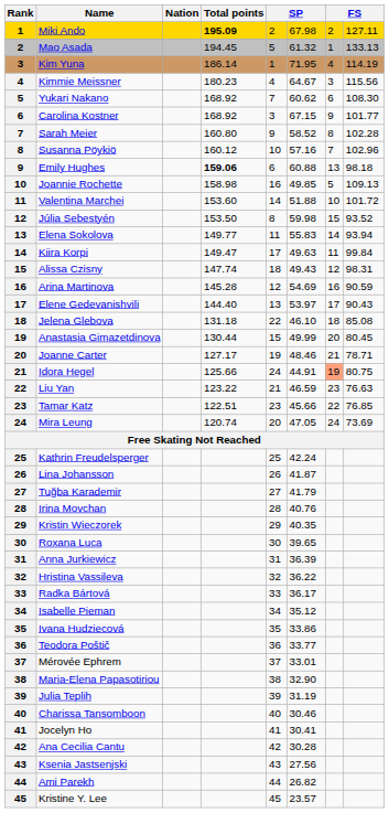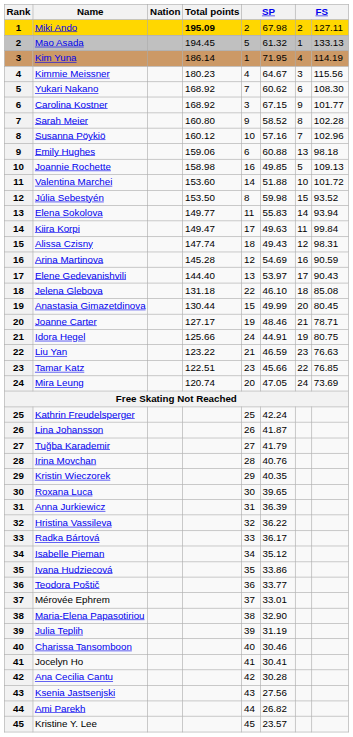 <table class="wikitable">
 <tr>
 <th>Rank</th>
 <th>Name</th>
 <th>Nation</th>
 <th>Total points</th>
 <th colspan="2" width="80px"><a href='#'>SP</a></th>
 <th colspan="2" width="80px"><a href='#'>FS</a></th>
 </tr>
 <tr bgcolor=gold>
 <td align=center><strong>1</strong></td>
 <td><a href='#'>Miki Ando</a></td>
 <td></td>
 <td><strong>195.09</strong></td>
 <td>2</td>
 <td>67.98</td>
 <td>2</td>
 <td>127.11</td>
 </tr>
 <tr bgcolor=silver>
 <td align=center><strong>2</strong></td>
 <td><a href='#'>Mao Asada</a></td>
 <td></td>
 <td>194.45</td>
 <td>5</td>
 <td>61.32</td>
 <td>1</td>
 <td>133.13</td>
 </tr>
 <tr bgcolor=cc9966>
 <td align=center><strong>3</strong></td>
 <td><a href='#'>Kim Yuna</a></td>
 <td></td>
 <td>186.14</td>
 <td>1</td>
 <td>71.95</td>
 <td>4</td>
 <td>114.19</td>
 </tr>
 <tr>
 <th>4</th>
 <td><a href='#'>Kimmie Meissner</a></td>
 <td></td>
 <td>180.23</td>
 <td>4</td>
 <td>64.67</td>
 <td>3</td>
 <td>115.56</td>
 </tr>
 <tr>
 <th>5</th>
 <td><a href='#'>Yukari Nakano</a></td>
 <td></td>
 <td>168.92</td>
 <td>7</td>
 <td>60.62</td>
 <td>6</td>
 <td>108.30</td>
 </tr>
 <tr>
 <th>6</th>
 <td><a href='#'>Carolina Kostner</a></td>
 <td></td>
 <td>168.92</td>
 <td>3</td>
 <td>67.15</td>
 <td>9</td>
 <td>101.77</td>
 </tr>
 <tr>
 <th>7</th>
 <td><a href='#'>Sarah Meier</a></td>
 <td></td>
 <td>160.80</td>
 <td>9</td>
 <td>58.52</td>
 <td>8</td>
 <td>102.28</td>
 </tr>
 <tr>
 <th>8</th>
 <td><a href='#'>Susanna Pöykiö</a></td>
 <td></td>
 <td>160.12</td>
 <td>10</td>
 <td>57.16</td>
 <td>7</td>
 <td>102.96</td>
 </tr>
 <tr>
 <th>9</th>
 <td><a href='#'>Emily Hughes</a></td>
 <td></td>
-<td><strong>159.06</strong></td>
+<td>159.06</td>
 <td>6</td>
 <td>60.88</td>
 <td>13</td>
 <td>98.18</td>
 </tr>
 <tr>
 <th>10</th>
 <td><a href='#'>Joannie Rochette</a></td>
 <td></td>
 <td>158.98</td>
 <td>16</td>
 <td>49.85</td>
 <td>5</td>
 <td>109.13</td>
 </tr>
 <tr>
 <th>11</th>
 <td><a href='#'>Valentina Marchei</a></td>
 <td></td>
 <td>153.60</td>
 <td>14</td>
 <td>51.88</td>
 <td>10</td>
 <td>101.72</td>
 </tr>
 <tr>
 <th>12</th>
 <td><a href='#'>Júlia Sebestyén</a></td>
 <td></td>
 <td>153.50</td>
 <td>8</td>
 <td>59.98</td>
 <td>15</td>
 <td>93.52</td>
 </tr>
 <tr>
 <th>13</th>
 <td><a href='#'>Elena Sokolova</a></td>
 <td></td>
 <td>149.77</td>
 <td>11</td>
 <td>55.83</td>
 <td>14</td>
 <td>93.94</td>
 </tr>
 <tr>
 <th>14</th>
 <td><a href='#'>Kiira Korpi</a></td>
 <td></td>
 <td>149.47</td>
 <td>17</td>
 <td>49.63</td>
 <td>11</td>
 <td>99.84</td>
 </tr>
 <tr>
 <th>15</th>
 <td><a href='#'>Alissa Czisny</a></td>
 <td></td>
 <td>147.74</td>
 <td>18</td>
 <td>49.43</td>
 <td>12</td>
 <td>98.31</td>
 </tr>
 <tr>
 <th>16</th>
 <td><a href='#'>Arina Martinova</a></td>
 <td></td>
 <td>145.28</td>
 <td>12</td>
 <td>54.69</td>
 <td>16</td>
 <td>90.59</td>
 </tr>
 <tr>
 <th>17</th>
 <td><a href='#'>Elene Gedevanishvili</a></td>
 <td></td>
 <td>144.40</td>
 <td>13</td>
 <td>53.97</td>
 <td>17</td>
 <td>90.43</td>
 </tr>
 <tr>
 <th>18</th>
 <td><a href='#'>Jelena Glebova</a></td>
 <td></td>
 <td>131.18</td>
 <td>22</td>
 <td>46.10</td>
 <td>18</td>
 <td>85.08</td>
 </tr>
 <tr>
 <th>19</th>
 <td><a href='#'>Anastasia Gimazetdinova</a></td>
 <td></td>
 <td>130.44</td>
 <td>15</td>
 <td>49.99</td>
 <td>20</td>
 <td>80.45</td>
 </tr>
 <tr>
 <th>20</th>
 <td><a href='#'>Joanne Carter</a></td>
 <td></td>
 <td>127.17</td>
 <td>19</td>
 <td>48.46</td>
 <td>21</td>
 <td>78.71</td>
 </tr>
 <tr>
 <th>21</th>
 <td><a href='#'>Idora Hegel</a></td>
 <td></td>
 <td>125.66</td>
 <td>24</td>
 <td>44.91</td>
-<td style="background: lightsalmon;">19</td>
+<td>19</td>
 <td>80.75</td>
 </tr>
 <tr>
 <th>22</th>
 <td><a href='#'>Liu Yan</a></td>
 <td></td>
 <td>123.22</td>
 <td>21</td>
 <td>46.59</td>
 <td>23</td>
 <td>76.63</td>
 </tr>
 <tr>
 <th>23</th>
 <td><a href='#'>Tamar Katz</a></td>
 <td></td>
 <td>122.51</td>
 <td>23</td>
 <td>45.66</td>
 <td>22</td>
 <td>76.85</td>
 </tr>
 <tr>
 <th>24</th>
 <td><a href='#'>Mira Leung</a></td>
 <td></td>
 <td>120.74</td>
 <td>20</td>
 <td>47.05</td>
 <td>24</td>
 <td>73.69</td>
 </tr>
 <tr>
 <th colspan=8>Free Skating Not Reached</th>
 </tr>
 <tr>
 <th>25</th>
 <td><a href='#'>Kathrin Freudelsperger</a></td>
 <td></td>
 <td></td>
 <td>25</td>
 <td>42.24</td>
 <td></td>
 <td></td>
 </tr>
 <tr>
 <th>26</th>
 <td><a href='#'>Lina Johansson</a></td>
 <td></td>
 <td></td>
 <td>26</td>
 <td>41.87</td>
 <td></td>
 <td></td>
 </tr>
 <tr>
 <th>27</th>
 <td><a href='#'>Tuğba Karademir</a></td>
 <td></td>
 <td></td>
 <td>27</td>
 <td>41.79</td>
 <td></td>
 <td></td>
 </tr>
 <tr>
 <th>28</th>
 <td><a href='#'>Irina Movchan</a></td>
 <td></td>
 <td></td>
 <td>28</td>
 <td>40.76</td>
 <td></td>
 <td></td>
 </tr>
 <tr>
 <th>29</th>
 <td><a href='#'>Kristin Wieczorek</a></td>
 <td></td>
 <td></td>
 <td>29</td>
 <td>40.35</td>
 <td></td>
 <td></td>
 </tr>
 <tr>
 <th>30</th>
 <td><a href='#'>Roxana Luca</a></td>
 <td></td>
 <td></td>
 <td>30</td>
 <td>39.65</td>
 <td></td>
 <td></td>
 </tr>
 <tr>
 <th>31</th>
 <td><a href='#'>Anna Jurkiewicz</a></td>
 <td></td>
 <td></td>
 <td>31</td>
 <td>36.39</td>
 <td></td>
 <td></td>
 </tr>
 <tr>
 <th>32</th>
 <td><a href='#'>Hristina Vassileva</a></td>
 <td></td>
 <td></td>
 <td>32</td>
 <td>36.22</td>
 <td></td>
 <td></td>
 </tr>
 <tr>
 <th>33</th>
 <td><a href='#'>Radka Bártová</a></td>
 <td></td>
 <td></td>
 <td>33</td>
 <td>36.17</td>
 <td></td>
 <td></td>
 </tr>
 <tr>
 <th>34</th>
 <td><a href='#'>Isabelle Pieman</a></td>
 <td></td>
 <td></td>
 <td>34</td>
 <td>35.12</td>
 <td></td>
 <td></td>
 </tr>
 <tr>
 <th>35</th>
 <td><a href='#'>Ivana Hudziecová</a></td>
 <td></td>
 <td></td>
 <td>35</td>
 <td>33.86</td>
 <td></td>
 <td></td>
 </tr>
 <tr>
 <th>36</th>
 <td><a href='#'>Teodora Poštič</a></td>
 <td></td>
 <td></td>
 <td>36</td>
 <td>33.77</td>
 <td></td>
 <td></td>
 </tr>
 <tr>
 <th>37</th>
 <td>Mérovée Ephrem</td>
 <td></td>
 <td></td>
 <td>37</td>
 <td>33.01</td>
 <td></td>
 <td></td>
 </tr>
 <tr>
 <th>38</th>
 <td><a href='#'>Maria-Elena Papasotiriou</a></td>
 <td></td>
 <td></td>
 <td>38</td>
 <td>32.90</td>
 <td></td>
 <td></td>
 </tr>
 <tr>
 <th>39</th>
 <td><a href='#'>Julia Teplih</a></td>
 <td></td>
 <td></td>
 <td>39</td>
 <td>31.19</td>
 <td></td>
 <td></td>
 </tr>
 <tr>
 <th>40</th>
 <td><a href='#'>Charissa Tansomboon</a></td>
 <td></td>
 <td></td>
 <td>40</td>
 <td>30.46</td>
 <td></td>
 <td></td>
 </tr>
 <tr>
 <th>41</th>
 <td>Jocelyn Ho</td>
 <td></td>
 <td></td>
 <td>41</td>
 <td>30.41</td>
 <td></td>
 <td></td>
 </tr>
 <tr>
 <th>42</th>
 <td><a href='#'>Ana Cecilia Cantu</a></td>
 <td></td>
 <td></td>
 <td>42</td>
 <td>30.28</td>
 <td></td>
 <td></td>
 </tr>
 <tr>
 <th>43</th>
 <td><a href='#'>Ksenia Jastsenjski</a></td>
 <td></td>
 <td></td>
 <td>43</td>
 <td>27.56</td>
 <td></td>
 <td></td>
 </tr>
 <tr>
 <th>44</th>
 <td><a href='#'>Ami Parekh</a></td>
 <td></td>
 <td></td>
 <td>44</td>
 <td>26.82</td>
 <td></td>
 <td></td>
 </tr>
 <tr>
 <th>45</th>
 <td>Kristine Y. Lee</td>
 <td></td>
 <td></td>
 <td>45</td>
 <td>23.57</td>
 <td></td>
 <td></td>
 </tr>
 </table>
